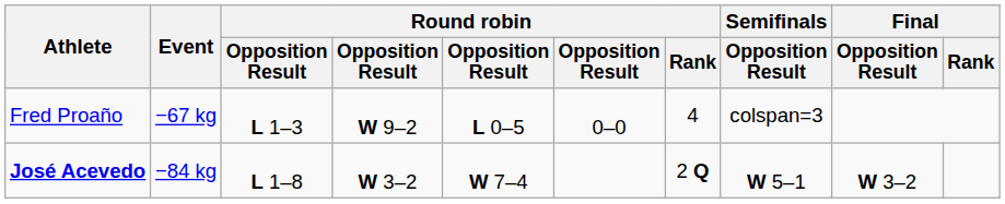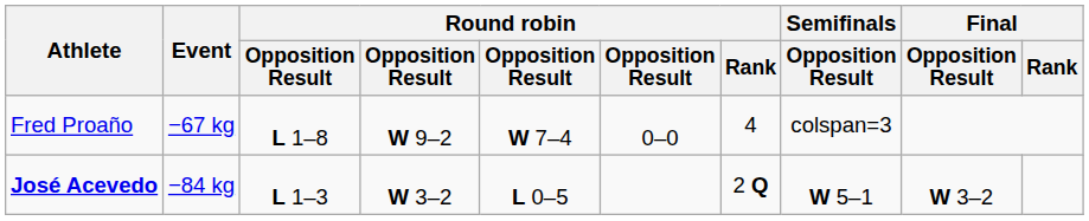 <table class=wikitable style=font-size:90%;text-align:center>
 <tr>
 <th rowspan=2>Athlete</th>
 <th rowspan=2>Event</th>
 <th colspan=5>Round robin</th>
 <th>Semifinals</th>
 <th colspan=2>Final</th>
 </tr>
 <tr style=font-size:95%>
 <th>Opposition<br>Result</th>
 <th>Opposition<br>Result</th>
 <th>Opposition<br>Result</th>
 <th>Opposition<br>Result</th>
 <th>Rank</th>
 <th>Opposition<br>Result</th>
 <th>Opposition<br>Result</th>
 <th>Rank</th>
 </tr>
 <tr align=center>
 <td align=left><a href='#'>Fred Proaño</a></td>
 <td><a href='#'>−67 kg</a></td>
-<td><br><strong>L</strong> 1–3</td>
+<td><br><strong>L</strong> 1–8</td>
 <td><br><strong>W</strong> 9–2</td>
-<td><br><strong>L</strong> 0–5</td>
+<td><br><strong>W</strong> 7–4</td>
 <td><br>0–0</td>
 <td>4</td>
 <td>colspan=3 </td>
 </tr>
 <tr align=center>
 <td align=left><strong><a href='#'>José Acevedo</a></strong></td>
 <td align=left rowspan=2><a href='#'>−84 kg</a></td>
-<td><br><strong>L</strong> 1–8</td>
+<td><br><strong>L</strong> 1–3</td>
 <td><br><strong>W</strong> 3–2</td>
-<td><br><strong>W</strong> 7–4</td>
+<td><br><strong>L</strong> 0–5</td>
 <td></td>
 <td>2 <strong>Q</strong></td>
 <td><br><strong>W</strong> 5–1</td>
 <td><br><strong>W</strong> 3–2</td>
 <td></td>
 </tr>
 </table>
